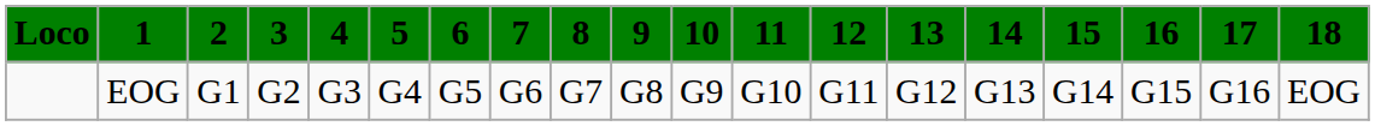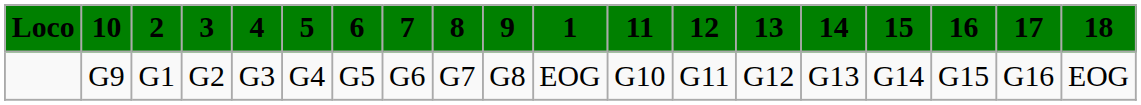 <table class="wikitable plainrowheaders unsortable" style="text-align:center">
 <tr>
 <th scope="col" rowspan="1" style="background:green;">Loco</th>
-<th scope="col" rowspan="1" style="background:green;">1</th>
+<th scope="col" rowspan="1" style="background:green;">10</th>
 <th scope="col" rowspan="1" style="background:green;">2</th>
 <th scope="col" rowspan="1" style="background:green;">3</th>
 <th scope="col" rowspan="1" style="background:green;">4</th>
 <th scope="col" rowspan="1" style="background:green;">5</th>
 <th scope="col" rowspan="1" style="background:green;">6</th>
 <th scope="col" rowspan="1" style="background:green;">7</th>
 <th scope="col" rowspan="1" style="background:green;">8</th>
 <th scope="col" rowspan="1" style="background:green;">9</th>
-<th scope="col" rowspan="1" style="background:green;">10</th>
+<th scope="col" rowspan="1" style="background:green;">1</th>
 <th scope="col" rowspan="1" style="background:green;">11</th>
 <th scope="col" rowspan="1" style="background:green;">12</th>
 <th scope="col" rowspan="1" style="background:green;">13</th>
 <th scope="col" rowspan="1" style="background:green;">14</th>
 <th scope="col" rowspan="1" style="background:green;">15</th>
 <th scope="col" rowspan="1" style="background:green;">16</th>
 <th scope="col" rowspan="1" style="background:green;">17</th>
 <th scope="col" rowspan="1" style="background:green;">18</th>
 </tr>
 <tr>
 <td></td>
-<td>EOG</td>
+<td>G9</td>
 <td>G1</td>
 <td>G2</td>
 <td>G3</td>
 <td>G4</td>
 <td>G5</td>
 <td>G6</td>
 <td>G7</td>
 <td>G8</td>
-<td>G9</td>
+<td>EOG</td>
 <td>G10</td>
 <td>G11</td>
 <td>G12</td>
 <td>G13</td>
 <td>G14</td>
 <td>G15</td>
 <td>G16</td>
 <td>EOG</td>
 </tr>
 </table>
